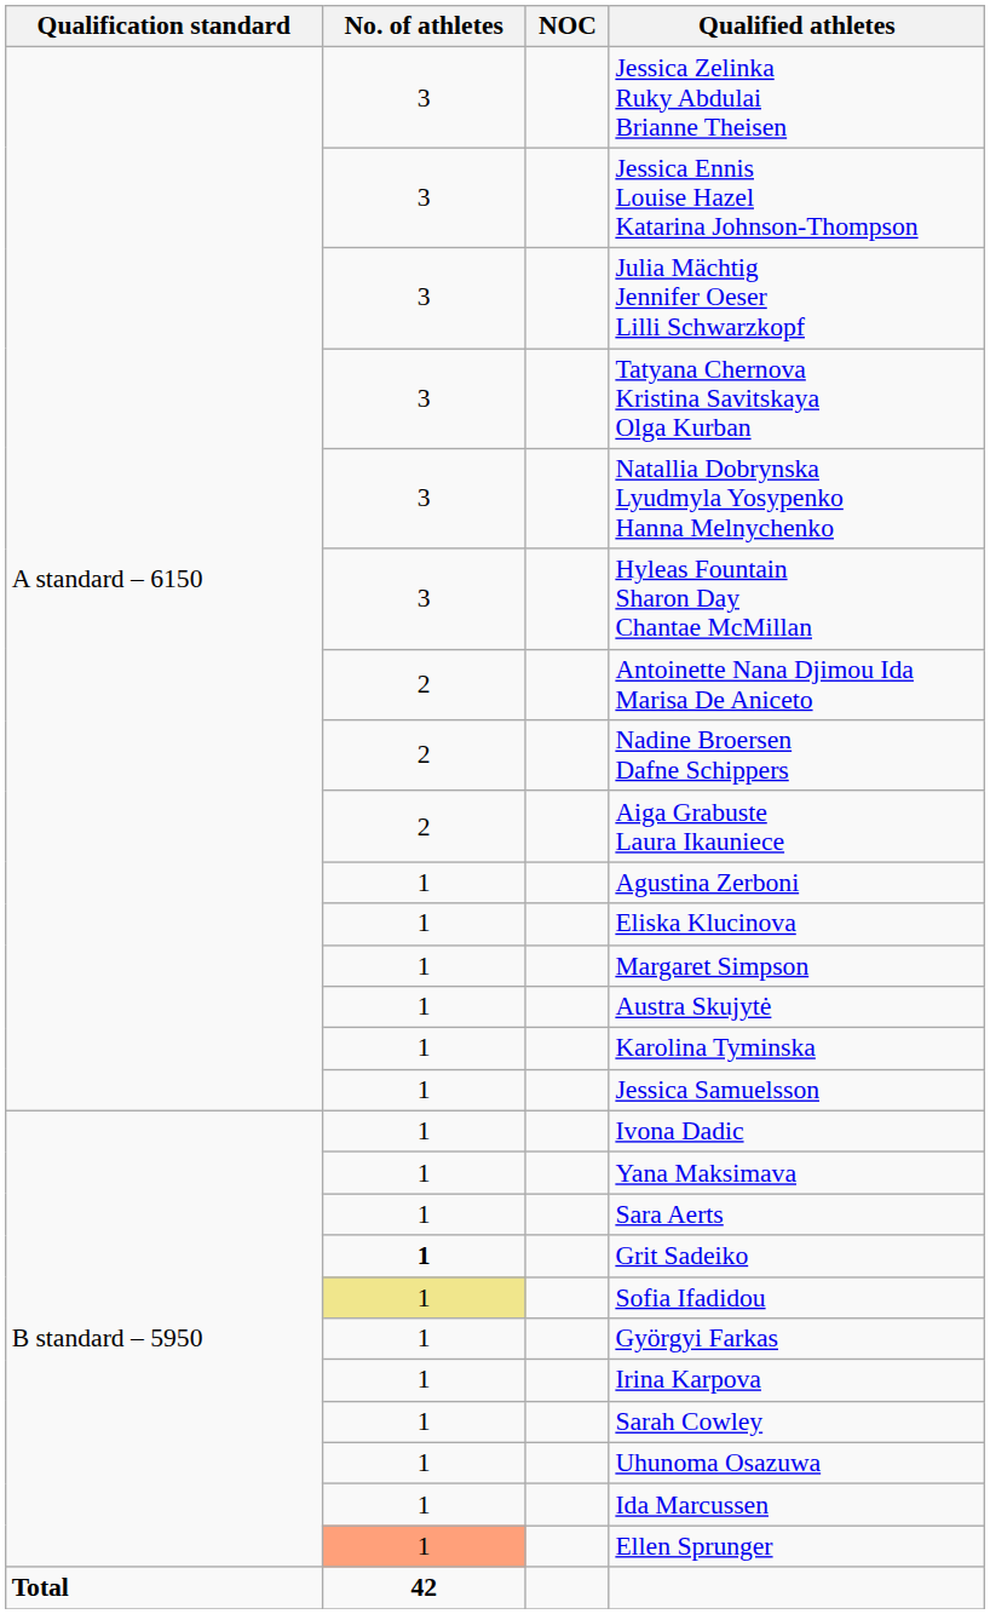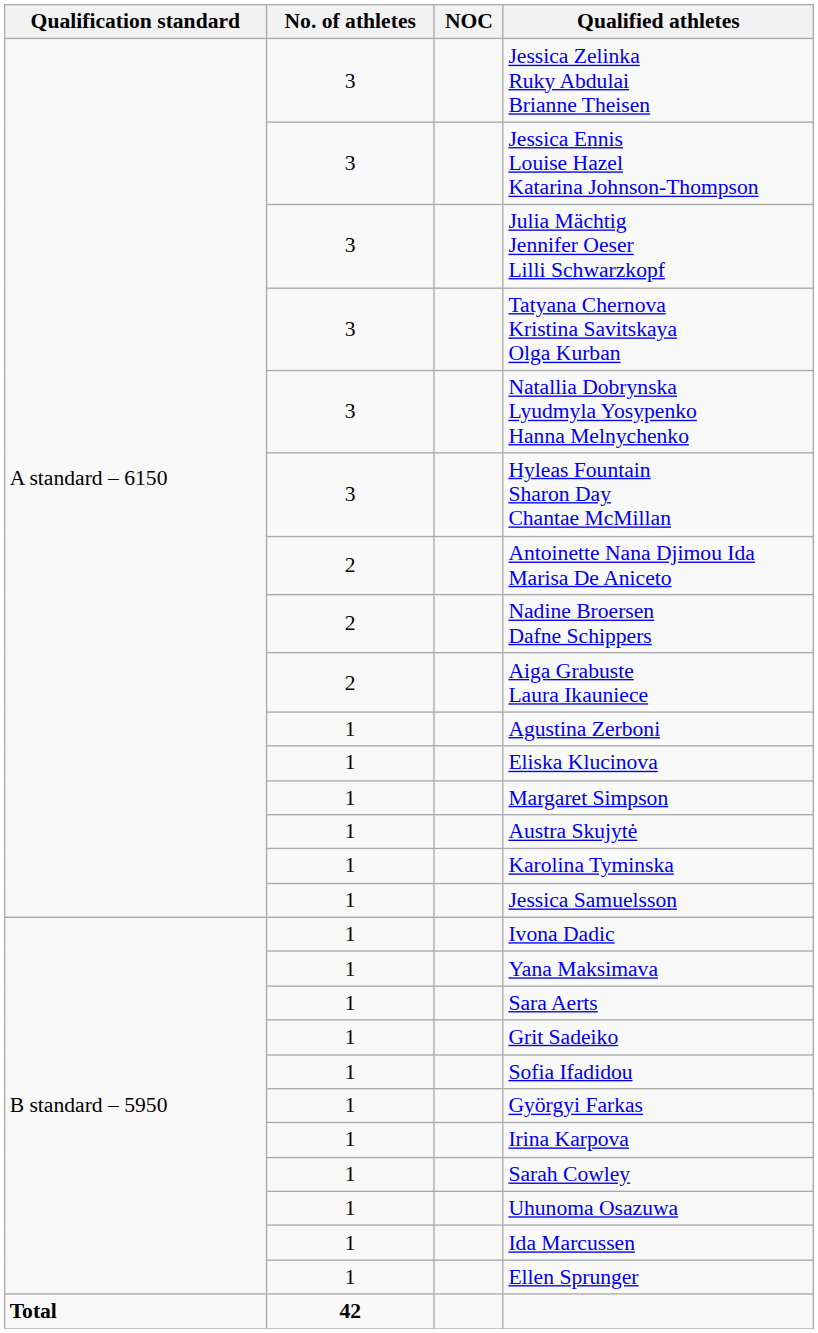 <table class="wikitable"  style="text-align:left; width:600px;">
 <tr>
 <th>Qualification standard</th>
 <th>No. of athletes</th>
 <th>NOC</th>
 <th>Qualified athletes</th>
 </tr>
 <tr>
 <td rowspan="15">A standard – 6150</td>
 <td align=center>3</td>
 <td></td>
 <td><a href='#'>Jessica Zelinka</a><br><a href='#'>Ruky Abdulai</a><br><a href='#'>Brianne Theisen</a></td>
 </tr>
 <tr>
 <td align=center>3</td>
 <td></td>
 <td><a href='#'>Jessica Ennis</a><br><a href='#'>Louise Hazel</a><br><a href='#'>Katarina Johnson-Thompson</a></td>
 </tr>
 <tr>
 <td align=center>3</td>
 <td></td>
 <td><a href='#'>Julia Mächtig</a><br><a href='#'>Jennifer Oeser</a><br><a href='#'>Lilli Schwarzkopf</a></td>
 </tr>
 <tr>
 <td align=center>3</td>
 <td></td>
 <td><a href='#'>Tatyana Chernova</a><br><a href='#'>Kristina Savitskaya</a><br><a href='#'>Olga Kurban</a></td>
 </tr>
 <tr>
 <td align=center>3</td>
 <td></td>
 <td><a href='#'>Natallia Dobrynska</a><br><a href='#'>Lyudmyla Yosypenko</a><br><a href='#'>Hanna Melnychenko</a></td>
 </tr>
 <tr>
 <td align=center>3</td>
 <td></td>
 <td><a href='#'>Hyleas Fountain</a><br><a href='#'>Sharon Day</a><br><a href='#'>Chantae McMillan</a></td>
 </tr>
 <tr>
 <td align=center>2</td>
 <td></td>
 <td><a href='#'>Antoinette Nana Djimou Ida</a><br><a href='#'>Marisa De Aniceto</a></td>
 </tr>
 <tr>
 <td align=center>2</td>
 <td></td>
 <td><a href='#'>Nadine Broersen</a><br><a href='#'>Dafne Schippers</a></td>
 </tr>
 <tr>
 <td align=center>2</td>
 <td></td>
 <td><a href='#'>Aiga Grabuste</a><br><a href='#'>Laura Ikauniece</a></td>
 </tr>
 <tr>
 <td align=center>1</td>
 <td></td>
 <td><a href='#'>Agustina Zerboni</a></td>
 </tr>
 <tr>
 <td align=center>1</td>
 <td></td>
 <td><a href='#'>Eliska Klucinova</a></td>
 </tr>
 <tr>
 <td align=center>1</td>
 <td></td>
 <td><a href='#'>Margaret Simpson</a></td>
 </tr>
 <tr>
 <td align=center>1</td>
 <td></td>
 <td><a href='#'>Austra Skujytė</a></td>
 </tr>
 <tr>
 <td align=center>1</td>
 <td></td>
 <td><a href='#'>Karolina Tyminska</a></td>
 </tr>
 <tr>
 <td align=center>1</td>
 <td></td>
 <td><a href='#'>Jessica Samuelsson</a></td>
 </tr>
 <tr>
 <td rowspan="11">B standard – 5950</td>
 <td align=center>1</td>
 <td></td>
 <td><a href='#'>Ivona Dadic</a></td>
 </tr>
 <tr>
 <td align=center>1</td>
 <td></td>
 <td><a href='#'>Yana Maksimava</a></td>
 </tr>
 <tr>
 <td align=center>1</td>
 <td></td>
 <td><a href='#'>Sara Aerts</a></td>
 </tr>
 <tr>
-<td align=center><strong>1</strong></td>
+<td align=center>1</td>
 <td></td>
 <td><a href='#'>Grit Sadeiko</a></td>
 </tr>
 <tr>
-<td align=center style="background: khaki;">1</td>
+<td align=center>1</td>
 <td></td>
 <td><a href='#'>Sofia Ifadidou</a></td>
 </tr>
 <tr>
 <td align=center>1</td>
 <td></td>
 <td><a href='#'>Györgyi Farkas</a></td>
 </tr>
 <tr>
 <td align=center>1</td>
 <td></td>
 <td><a href='#'>Irina Karpova</a></td>
 </tr>
 <tr>
 <td align=center>1</td>
 <td></td>
 <td><a href='#'>Sarah Cowley</a></td>
 </tr>
 <tr>
 <td align=center>1</td>
 <td></td>
 <td><a href='#'>Uhunoma Osazuwa</a></td>
 </tr>
 <tr>
 <td align=center>1</td>
 <td></td>
 <td><a href='#'>Ida Marcussen</a></td>
 </tr>
 <tr>
-<td align=center style="background: lightsalmon;">1</td>
+<td align=center>1</td>
 <td></td>
 <td><a href='#'>Ellen Sprunger</a></td>
 </tr>
 <tr>
 <td><strong>Total</strong></td>
 <td align=center><strong>42</strong></td>
 <td></td>
 <td></td>
 </tr>
 </table>
